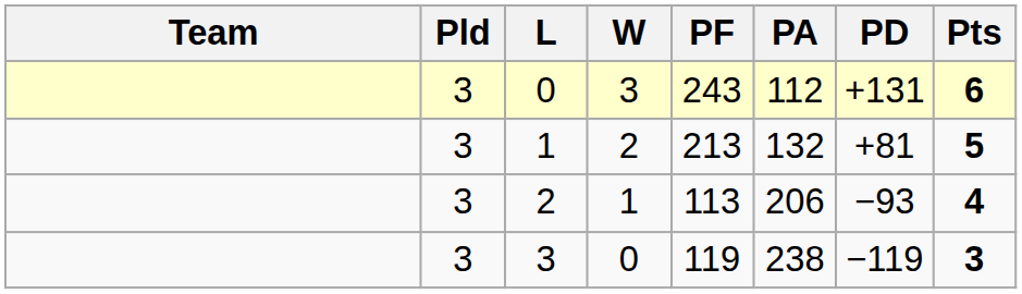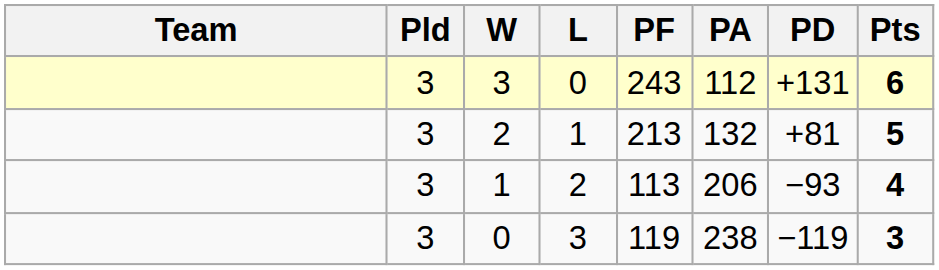 <table class=wikitable style="text-align:center">
 <tr>
 <th width=180>Team</th>
 <th width=30>Pld</th>
+<th width=30>W</th>
 <th width=30>L</th>
-<th width=30>W</th>
 <th width=30>PF</th>
 <th width=30>PA</th>
 <th width=30>PD</th>
 <th width=30>Pts</th>
 </tr>
 <tr bgcolor="#ffffcc">
 <td align="left"></td>
 <td>3</td>
+<td>3</td>
 <td>0</td>
-<td>3</td>
 <td>243</td>
 <td>112</td>
 <td>+131</td>
 <td><strong>6</strong></td>
 </tr>
 <tr>
 <td align="left"></td>
 <td>3</td>
+<td>2</td>
 <td>1</td>
-<td>2</td>
 <td>213</td>
 <td>132</td>
 <td>+81</td>
 <td><strong>5</strong></td>
 </tr>
 <tr>
 <td align="left"></td>
 <td>3</td>
+<td>1</td>
 <td>2</td>
-<td>1</td>
 <td>113</td>
 <td>206</td>
 <td>−93</td>
 <td><strong>4</strong></td>
 </tr>
 <tr>
 <td align="left"></td>
 <td>3</td>
+<td>0</td>
 <td>3</td>
-<td>0</td>
 <td>119</td>
 <td>238</td>
 <td>−119</td>
 <td><strong>3</strong></td>
 </tr>
 </table>
